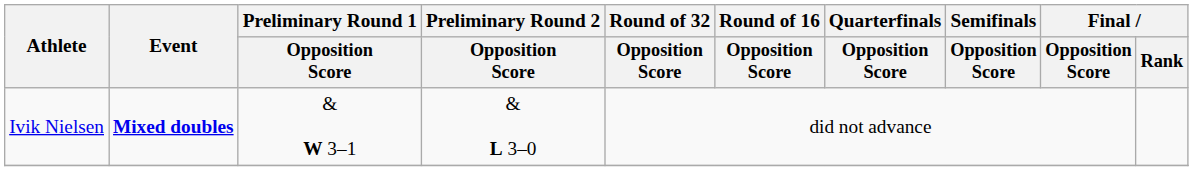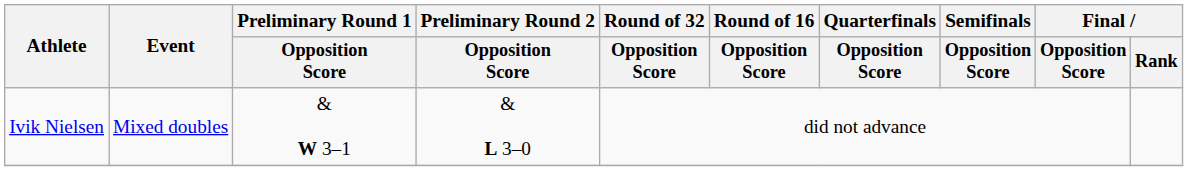 <table class=wikitable style=font-size:90%;text-align:center>
 <tr>
 <th rowspan=2>Athlete</th>
 <th rowspan=2>Event</th>
 <th>Preliminary Round 1</th>
 <th>Preliminary Round 2</th>
 <th>Round of 32</th>
 <th>Round of 16</th>
 <th>Quarterfinals</th>
 <th>Semifinals</th>
 <th colspan=2>Final / </th>
 </tr>
 <tr style=font-size:95%>
 <th>Opposition<br>Score</th>
 <th>Opposition<br>Score</th>
 <th>Opposition<br>Score</th>
 <th>Opposition<br>Score</th>
 <th>Opposition<br>Score</th>
 <th>Opposition<br>Score</th>
 <th>Opposition<br>Score</th>
 <th>Rank</th>
 </tr>
 <tr>
 <td align=left><a href='#'>Ivik Nielsen</a><br></td>
-<td align=left><strong><a href='#'>Mixed doubles</a></strong></td>
+<td align=left><a href='#'>Mixed doubles</a></td>
 <td> &<br> <br><strong>W</strong> 3–1</td>
 <td> &<br> <br><strong>L</strong> 3–0</td>
 <td colspan=5>did not advance</td>
 <td></td>
 </tr>
 <tr>
 </tr>
 </table>
